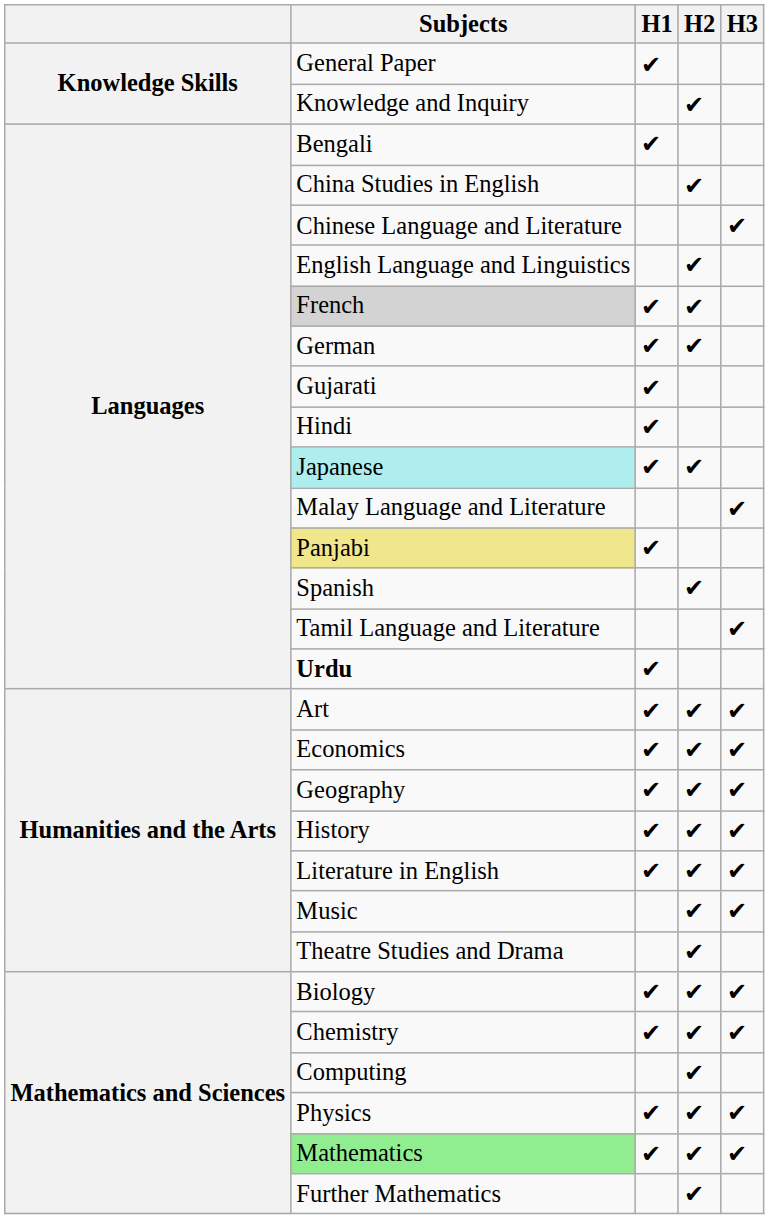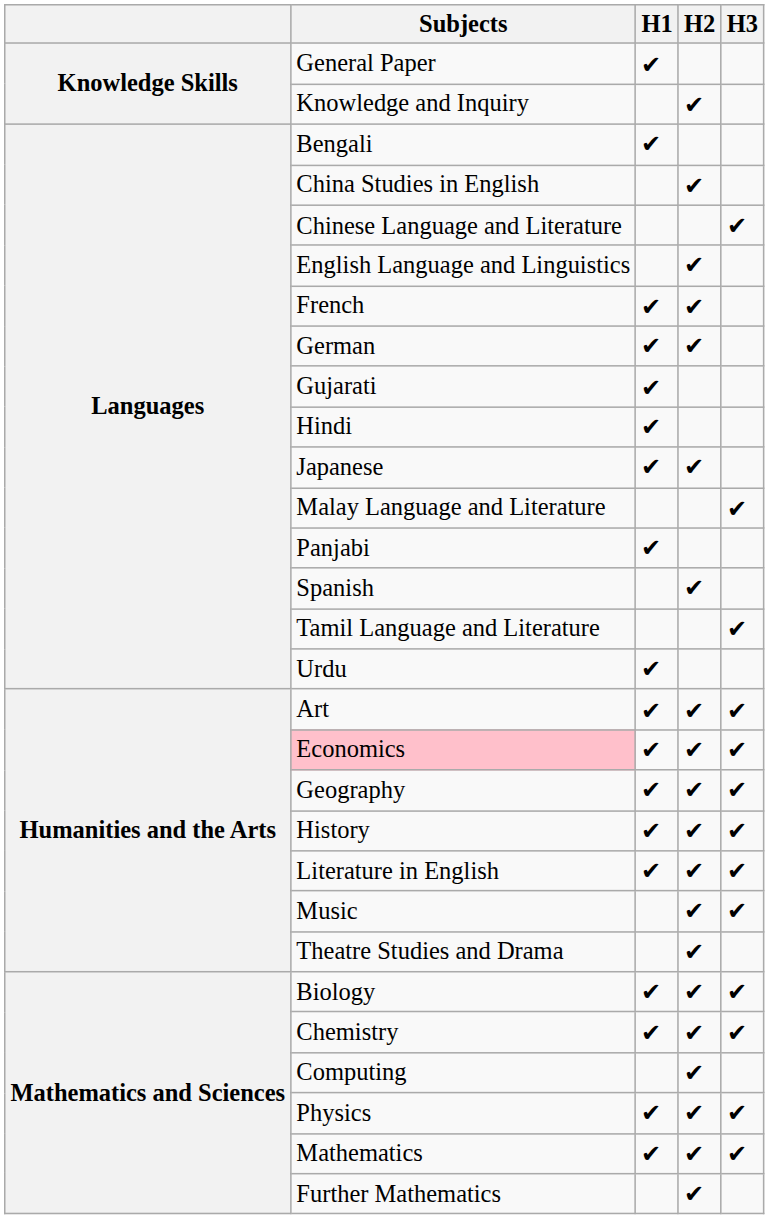 <table class="wikitable">
 <tr>
 <th></th>
 <th>Subjects</th>
 <th>H1</th>
 <th>H2</th>
 <th>H3</th>
 </tr>
 <tr>
 <th rowspan="2">Knowledge Skills</th>
 <td>General Paper</td>
 <td>✔</td>
 <td></td>
 <td></td>
 </tr>
 <tr>
 <td>Knowledge and Inquiry</td>
 <td></td>
 <td>✔</td>
 <td></td>
 </tr>
 <tr>
 <th rowspan="14">Languages</th>
 <td>Bengali</td>
 <td>✔</td>
 <td></td>
 <td></td>
 </tr>
 <tr>
 <td>China Studies in English</td>
 <td></td>
 <td>✔</td>
 <td></td>
 </tr>
 <tr>
 <td>Chinese Language and Literature</td>
 <td></td>
 <td></td>
 <td>✔</td>
 </tr>
 <tr>
 <td>English Language and Linguistics</td>
 <td></td>
 <td>✔</td>
 <td></td>
 </tr>
 <tr>
-<td style="background: lightgrey;">French</td>
+<td>French</td>
 <td>✔</td>
 <td>✔</td>
 <td></td>
 </tr>
 <tr>
 <td>German</td>
 <td>✔</td>
 <td>✔</td>
 <td></td>
 </tr>
 <tr>
 <td>Gujarati</td>
 <td>✔</td>
 <td></td>
 <td></td>
 </tr>
 <tr>
 <td>Hindi</td>
 <td>✔</td>
 <td></td>
 <td></td>
 </tr>
 <tr>
-<td style="background: paleturquoise;">Japanese</td>
+<td>Japanese</td>
 <td>✔</td>
 <td>✔</td>
 <td></td>
 </tr>
 <tr>
 <td>Malay Language and Literature</td>
 <td></td>
 <td></td>
 <td>✔</td>
 </tr>
 <tr>
-<td style="background: khaki;">Panjabi</td>
+<td>Panjabi</td>
 <td>✔</td>
 <td></td>
 <td></td>
 </tr>
 <tr>
 <td>Spanish</td>
 <td></td>
 <td>✔</td>
 <td></td>
 </tr>
 <tr>
 <td>Tamil Language and Literature</td>
 <td></td>
 <td></td>
 <td>✔</td>
 </tr>
 <tr>
-<td><strong>Urdu</strong></td>
+<td>Urdu</td>
 <td>✔</td>
 <td></td>
 <td></td>
 </tr>
 <tr>
 <th rowspan="7">Humanities and the Arts</th>
 <td>Art</td>
 <td>✔</td>
 <td>✔</td>
 <td>✔</td>
 </tr>
 <tr>
-<td>Economics</td>
+<td style="background: pink;">Economics</td>
 <td>✔</td>
 <td>✔</td>
 <td>✔</td>
 </tr>
 <tr>
 <td>Geography</td>
 <td>✔</td>
 <td>✔</td>
 <td>✔</td>
 </tr>
 <tr>
 <td>History</td>
 <td>✔</td>
 <td>✔</td>
 <td>✔</td>
 </tr>
 <tr>
 <td>Literature in English</td>
 <td>✔</td>
 <td>✔</td>
 <td>✔</td>
 </tr>
 <tr>
 <td>Music</td>
 <td></td>
 <td>✔</td>
 <td>✔</td>
 </tr>
 <tr>
 <td>Theatre Studies and Drama</td>
 <td></td>
 <td>✔</td>
 <td></td>
 </tr>
 <tr>
 <th rowspan="6">Mathematics and Sciences</th>
 <td>Biology</td>
 <td>✔</td>
 <td>✔</td>
 <td>✔</td>
 </tr>
 <tr>
 <td>Chemistry</td>
 <td>✔</td>
 <td>✔</td>
 <td>✔</td>
 </tr>
 <tr>
 <td>Computing</td>
 <td></td>
 <td>✔</td>
 <td></td>
 </tr>
 <tr>
 <td>Physics</td>
 <td>✔</td>
 <td>✔</td>
 <td>✔</td>
 </tr>
 <tr>
-<td style="background: lightgreen;">Mathematics</td>
+<td>Mathematics</td>
 <td>✔</td>
 <td>✔</td>
 <td>✔</td>
 </tr>
 <tr>
 <td>Further Mathematics</td>
 <td></td>
 <td>✔</td>
 <td></td>
 </tr>
 </table>
